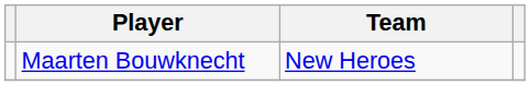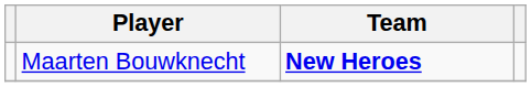 <table class="wikitable">
 <tr>
 <th></th>
 <th width=170>Player</th>
 <th width=150>Team</th>
 <th></th>
 </tr>
 <tr>
 <td></td>
 <td> <a href='#'>Maarten Bouwknecht</a></td>
-<td><a href='#'>New Heroes</a></td>
+<td><strong><a href='#'>New Heroes</a></strong></td>
 <td></td>
 </tr>
 <tr>
 </tr>
 </table>
